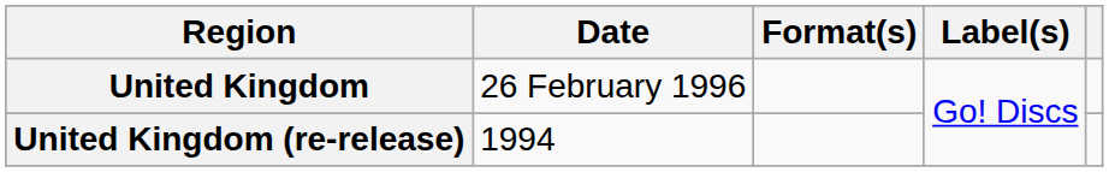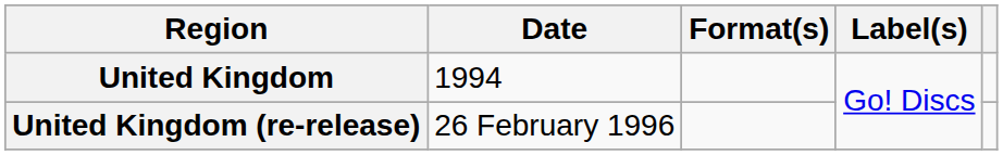 <table class="wikitable plainrowheaders">
 <tr>
 <th scope="col">Region</th>
 <th scope="col">Date</th>
 <th scope="col">Format(s)</th>
 <th scope="col">Label(s)</th>
 <th scope="col"></th>
 </tr>
 <tr>
 <th scope="row">United Kingdom</th>
-<td>26 February 1996</td>
+<td>1994</td>
 <td></td>
 <td rowspan="2"><a href='#'>Go! Discs</a></td>
 </tr>
 <tr>
 <th scope="row">United Kingdom (re-release)</th>
-<td>1994</td>
+<td>26 February 1996</td>
 <td></td>
 <td></td>
 </tr>
 </table>
